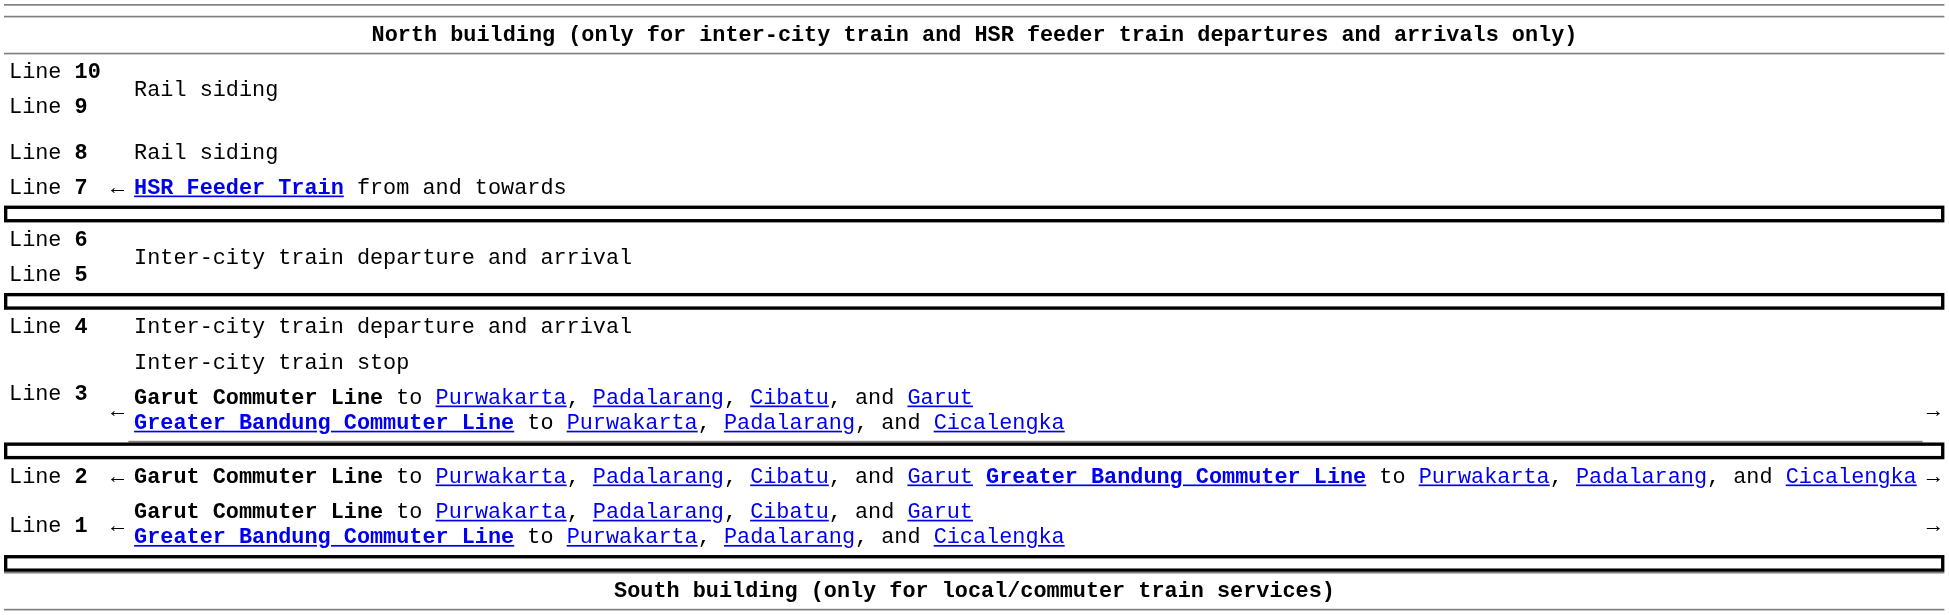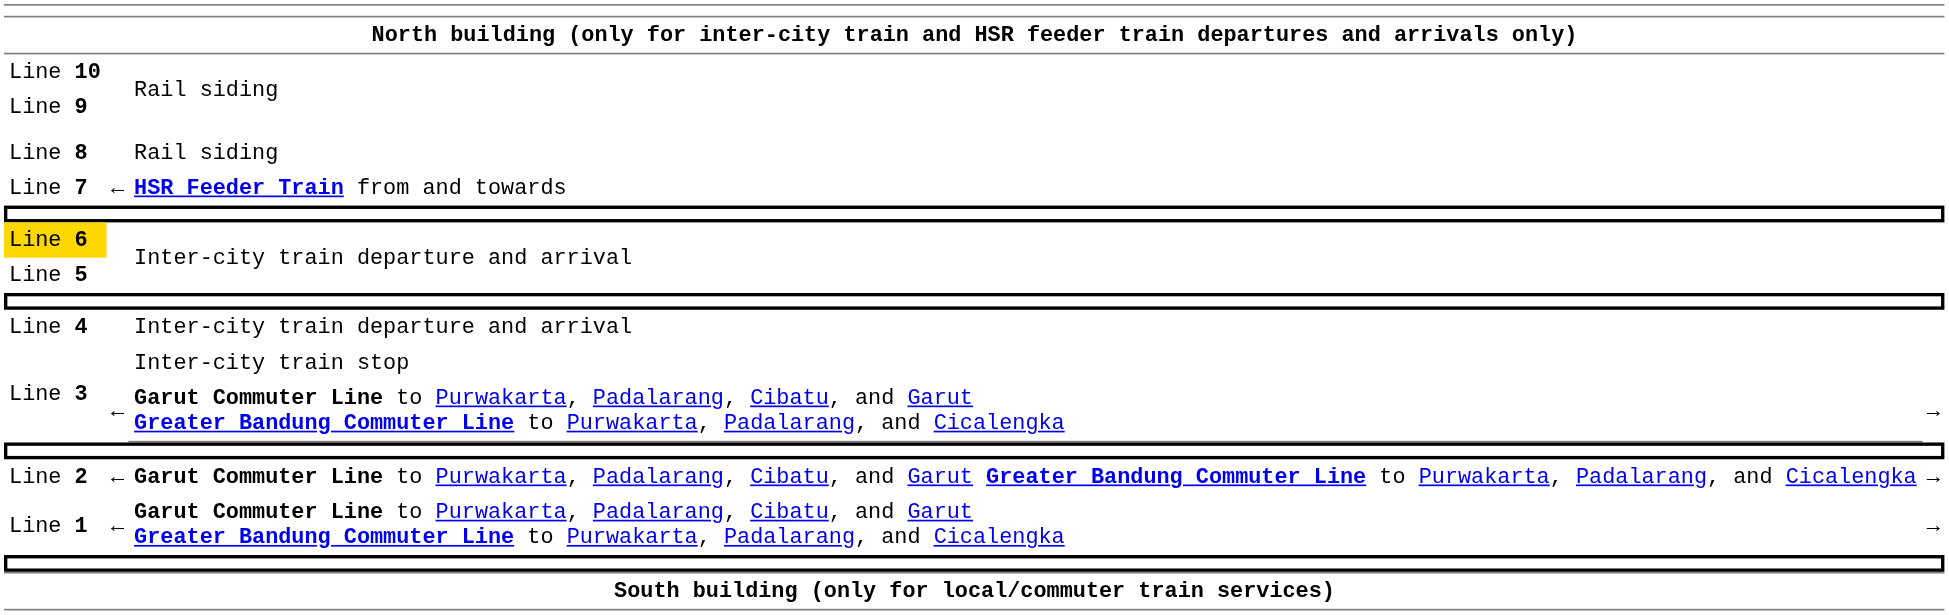 <table cellspacing="0" cellpadding="3">
 <tr>
 <td colspan="4" style="border-top:solid 1px gray;border-bottom:solid 1px gray;text-align:center">  </td>
 </tr>
 <tr>
 <td colspan="4" style="border-bottom:solid 1px gray;text-align:center"><strong>North building (only for inter-city train and HSR feeder train departures and arrivals only)</strong></td>
 </tr>
 <tr>
 <td>Line <strong>10</strong></td>
 <td></td>
 <td rowspan="2">Rail siding</td>
 <td></td>
 </tr>
 <tr>
 <td>Line <strong>9</strong></td>
 <td></td>
 <td></td>
 </tr>
 <tr>
 <td colspan="4"></td>
 </tr>
 <tr>
 <td>Line <strong>8</strong></td>
 <td></td>
 <td>Rail siding</td>
 <td></td>
 </tr>
 <tr>
 <td>Line <strong>7</strong></td>
 <td>← </td>
 <td> <strong><a href='#'>HSR Feeder Train</a></strong> from and towards </td>
 <td></td>
 </tr>
 <tr>
 <td colspan="4" style="text-align:center; border-top:solid 2px black;border-left:solid 2px black;border-right:solid 2px black;border-bottom:solid 2px black;"></td>
 </tr>
 <tr>
-<td>Line <strong>6</strong></td>
+<td style="background: gold;">Line <strong>6</strong></td>
 <td></td>
 <td rowspan="2"><em></em> Inter-city train departure and arrival</td>
 <td></td>
 </tr>
 <tr>
 <td>Line <strong>5</strong></td>
 <td></td>
 <td></td>
 </tr>
 <tr>
 <td colspan="4" style="text-align:center; border-top:solid 2px black;border-left:solid 2px black;border-right:solid 2px black;border-bottom:solid 2px black;"></td>
 </tr>
 <tr>
 <td>Line <strong>4</strong></td>
 <td></td>
 <td><em></em> Inter-city train departure and arrival</td>
 <td></td>
 </tr>
 <tr>
 <td rowspan="2">Line <strong>3</strong></td>
 <td></td>
 <td><em></em> Inter-city train stop</td>
 </tr>
 <tr>
 <td>← </td>
 <td style="border-bottom:solid 1px gray;"> <strong>Garut Commuter Line</strong> to <a href='#'>Purwakarta</a>, <a href='#'>Padalarang</a>, <a href='#'>Cibatu</a>, and <a href='#'>Garut</a><br> <strong><a href='#'>Greater Bandung Commuter Line</a></strong> to <a href='#'>Purwakarta</a>, <a href='#'>Padalarang</a>, and <a href='#'>Cicalengka</a></td>
 <td> →</td>
 </tr>
 <tr>
 <td colspan="4" style="text-align:center; border-top:solid 2px black;border-left:solid 2px black;border-right:solid 2px black;border-bottom:solid 2px black;"></td>
 </tr>
 <tr>
 <td>Line <strong>2</strong></td>
 <td>← </td>
 <td> <strong>Garut Commuter Line</strong> to <a href='#'>Purwakarta</a>, <a href='#'>Padalarang</a>, <a href='#'>Cibatu</a>, and <a href='#'>Garut</a> <strong><a href='#'>Greater Bandung Commuter Line</a></strong> to <a href='#'>Purwakarta</a>, <a href='#'>Padalarang</a>, and <a href='#'>Cicalengka</a></td>
 <td> →</td>
 </tr>
 <tr>
 <td>Line <strong>1</strong></td>
 <td>← </td>
 <td> <strong>Garut Commuter Line</strong> to <a href='#'>Purwakarta</a>, <a href='#'>Padalarang</a>, <a href='#'>Cibatu</a>, and <a href='#'>Garut</a><br> <strong><a href='#'>Greater Bandung Commuter Line</a></strong> to <a href='#'>Purwakarta</a>, <a href='#'>Padalarang</a>, and <a href='#'>Cicalengka</a></td>
 <td>  →</td>
 </tr>
 <tr>
 <td colspan="4" style="text-align:center; border-top:solid 2px black;border-left:solid 2px black;border-right:solid 2px black;border-bottom:solid 2px black;"></td>
 </tr>
 <tr>
 <td colspan="4" style="border-top:solid 1px gray;border-bottom:solid 1px gray;text-align:center"><strong>South building (only for local/commuter train services)</strong></td>
 </tr>
 </table>
